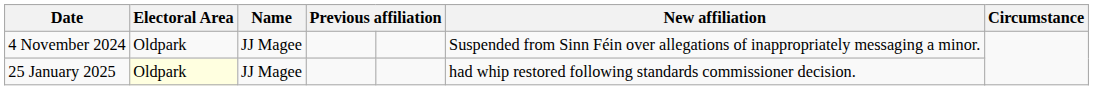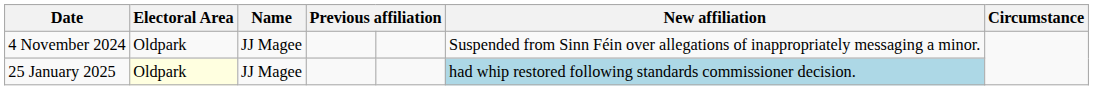 <table class="wikitable" style="font-size: 95%">
 <tr>
 <th>Date</th>
 <th>Electoral Area</th>
 <th>Name</th>
 <th colspan="2">Previous affiliation</th>
 <th colspan="2">New affiliation</th>
 <th>Circumstance</th>
 </tr>
 <tr>
 <td>4 November 2024</td>
 <td>Oldpark</td>
 <td>JJ Magee</td>
 <td></td>
 <td></td>
 <td>Suspended from Sinn Féin over allegations of inappropriately messaging a minor.</td>
 </tr>
 <tr>
 <td>25 January 2025</td>
 <td style="background: lightyellow;">Oldpark</td>
 <td>JJ Magee</td>
 <td></td>
 <td></td>
-<td>had whip restored following standards commissioner decision.</td>
+<td style="background: lightblue;">had whip restored following standards commissioner decision.</td>
 </tr>
 </table>
